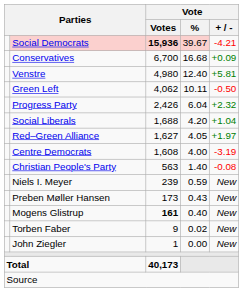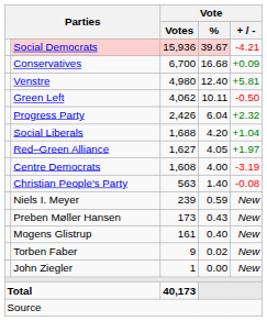 <table class="wikitable" style="text-align:right;">
 <tr>
 <th style="text-align:centre;" rowspan="2" colspan="2" width="225">Parties</th>
 <th colspan="3">Vote</th>
 </tr>
 <tr>
 <th width="15">Votes</th>
 <th width="15">%</th>
 <th width="15">+ / -</th>
 </tr>
 <tr>
 <td width="2" style="color:inherit;background:"></td>
 <td bgcolor=#fbd0ce  align="left"><a href='#'>Social Democrats</a></td>
-<td bgcolor=#fbd0ce><strong>15,936</strong></td>
+<td bgcolor=#fbd0ce>15,936</td>
 <td bgcolor=#fbd0ce>39.67</td>
 <td style=color:red;>-4.21</td>
 </tr>
 <tr>
 <td width="2" style="color:inherit;background:"></td>
 <td align="left"><a href='#'>Conservatives</a></td>
 <td>6,700</td>
 <td>16.68</td>
 <td style=color:green;>+0.09</td>
 </tr>
 <tr>
 <td width="2" style="color:inherit;background:"></td>
 <td align="left"><a href='#'>Venstre</a></td>
 <td>4,980</td>
 <td>12.40</td>
 <td style=color:green;>+5.81</td>
 </tr>
 <tr>
 <td width="2" style="color:inherit;background:"></td>
 <td align="left"><a href='#'>Green Left</a></td>
 <td>4,062</td>
 <td>10.11</td>
 <td style=color:red;>-0.50</td>
 </tr>
 <tr>
 <td width="2" style="color:inherit;background:"></td>
 <td align="left"><a href='#'>Progress Party</a></td>
 <td>2,426</td>
 <td>6.04</td>
 <td style=color:green;>+2.32</td>
 </tr>
 <tr>
 <td width="2" style="color:inherit;background:"></td>
 <td align="left"><a href='#'>Social Liberals</a></td>
 <td>1,688</td>
 <td>4.20</td>
 <td style=color:green;>+1.04</td>
 </tr>
 <tr>
 <td width="2" style="color:inherit;background:"></td>
 <td align="left"><a href='#'>Red–Green Alliance</a></td>
 <td>1,627</td>
 <td>4.05</td>
 <td style=color:green;>+1.97</td>
 </tr>
 <tr>
 <td width="2" style="color:inherit;background:"></td>
 <td align="left"><a href='#'>Centre Democrats</a></td>
 <td>1,608</td>
 <td>4.00</td>
 <td style=color:red;>-3.19</td>
 </tr>
 <tr>
 <td width="2" style="color:inherit;background:"></td>
 <td align="left"><a href='#'>Christian People's Party</a></td>
 <td>563</td>
 <td>1.40</td>
 <td style=color:red;>-0.08</td>
 </tr>
 <tr>
 <td width="2" style="color:inherit;background:"></td>
 <td align="left">Niels I. Meyer</td>
 <td>239</td>
 <td>0.59</td>
 <td><em>New</em></td>
 </tr>
 <tr>
 <td width="2" style="color:inherit;background:"></td>
 <td align="left">Preben Møller Hansen</td>
 <td>173</td>
 <td>0.43</td>
 <td><em>New</em></td>
 </tr>
 <tr>
 <td width="2" style="color:inherit;background:"></td>
 <td align="left">Mogens Glistrup</td>
-<td><strong>161</strong></td>
+<td>161</td>
 <td>0.40</td>
 <td><em>New</em></td>
 </tr>
 <tr>
 <td width="2" style="color:inherit;background:"></td>
 <td align="left">Torben Faber</td>
 <td>9</td>
 <td>0.02</td>
 <td><em>New</em></td>
 </tr>
 <tr>
 <td width="2" style="color:inherit;background:"></td>
 <td align="left">John Ziegler</td>
 <td>1</td>
 <td>0.00</td>
 <td><em>New</em></td>
 </tr>
 <tr>
 <td colspan="7" bgcolor="#E9E9E9"></td>
 </tr>
 <tr>
 <td align="left" colspan="2"><strong>Total</strong></td>
 <td><strong>40,173</strong></td>
 <td bgcolor="#E9E9E9" colspan="2"></td>
 </tr>
 <tr>
 <td align="left" colspan="6">Source</td>
 </tr>
 </table>
